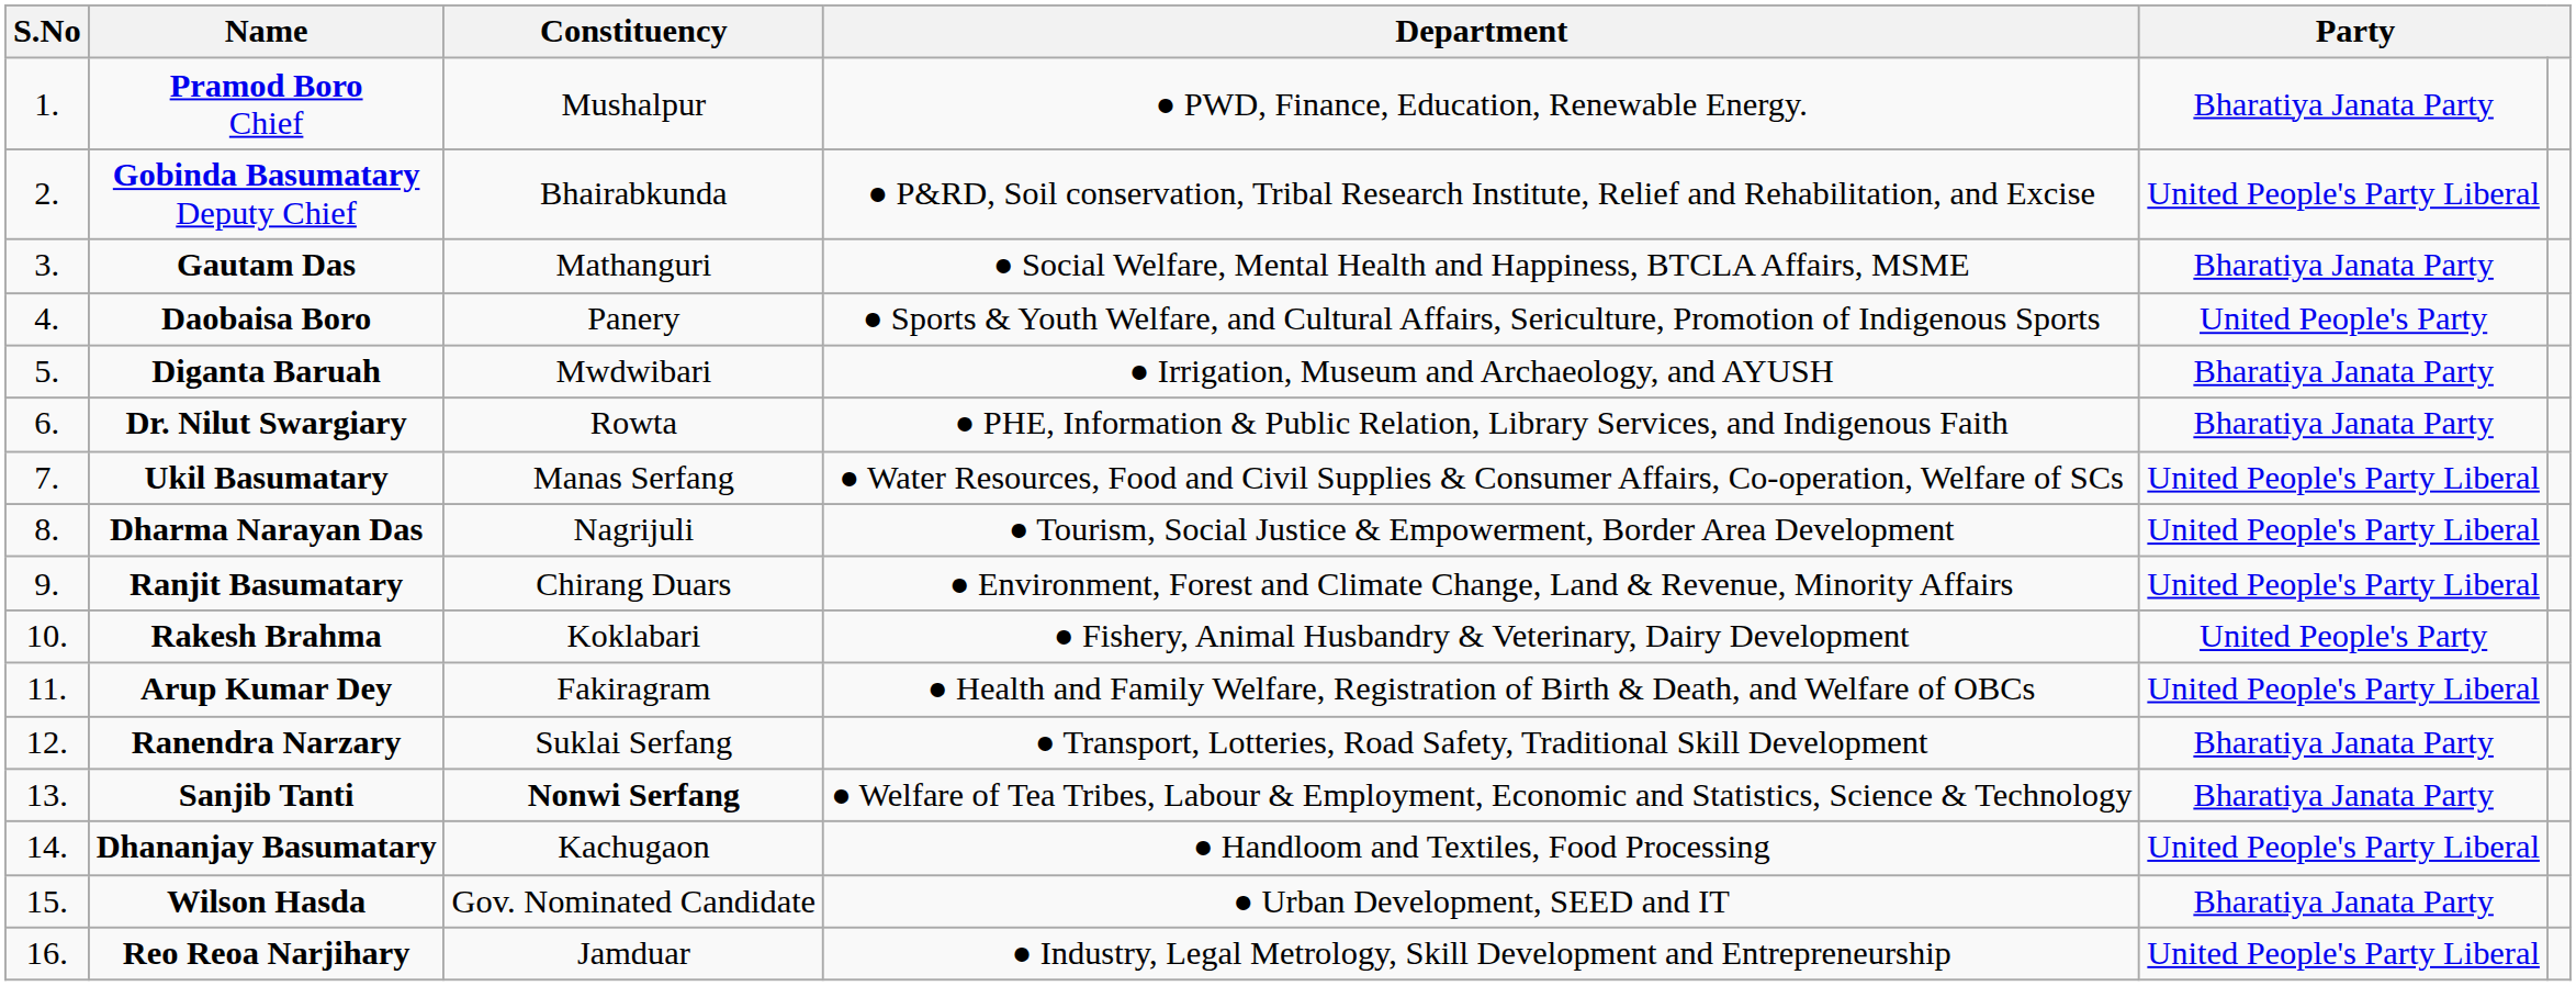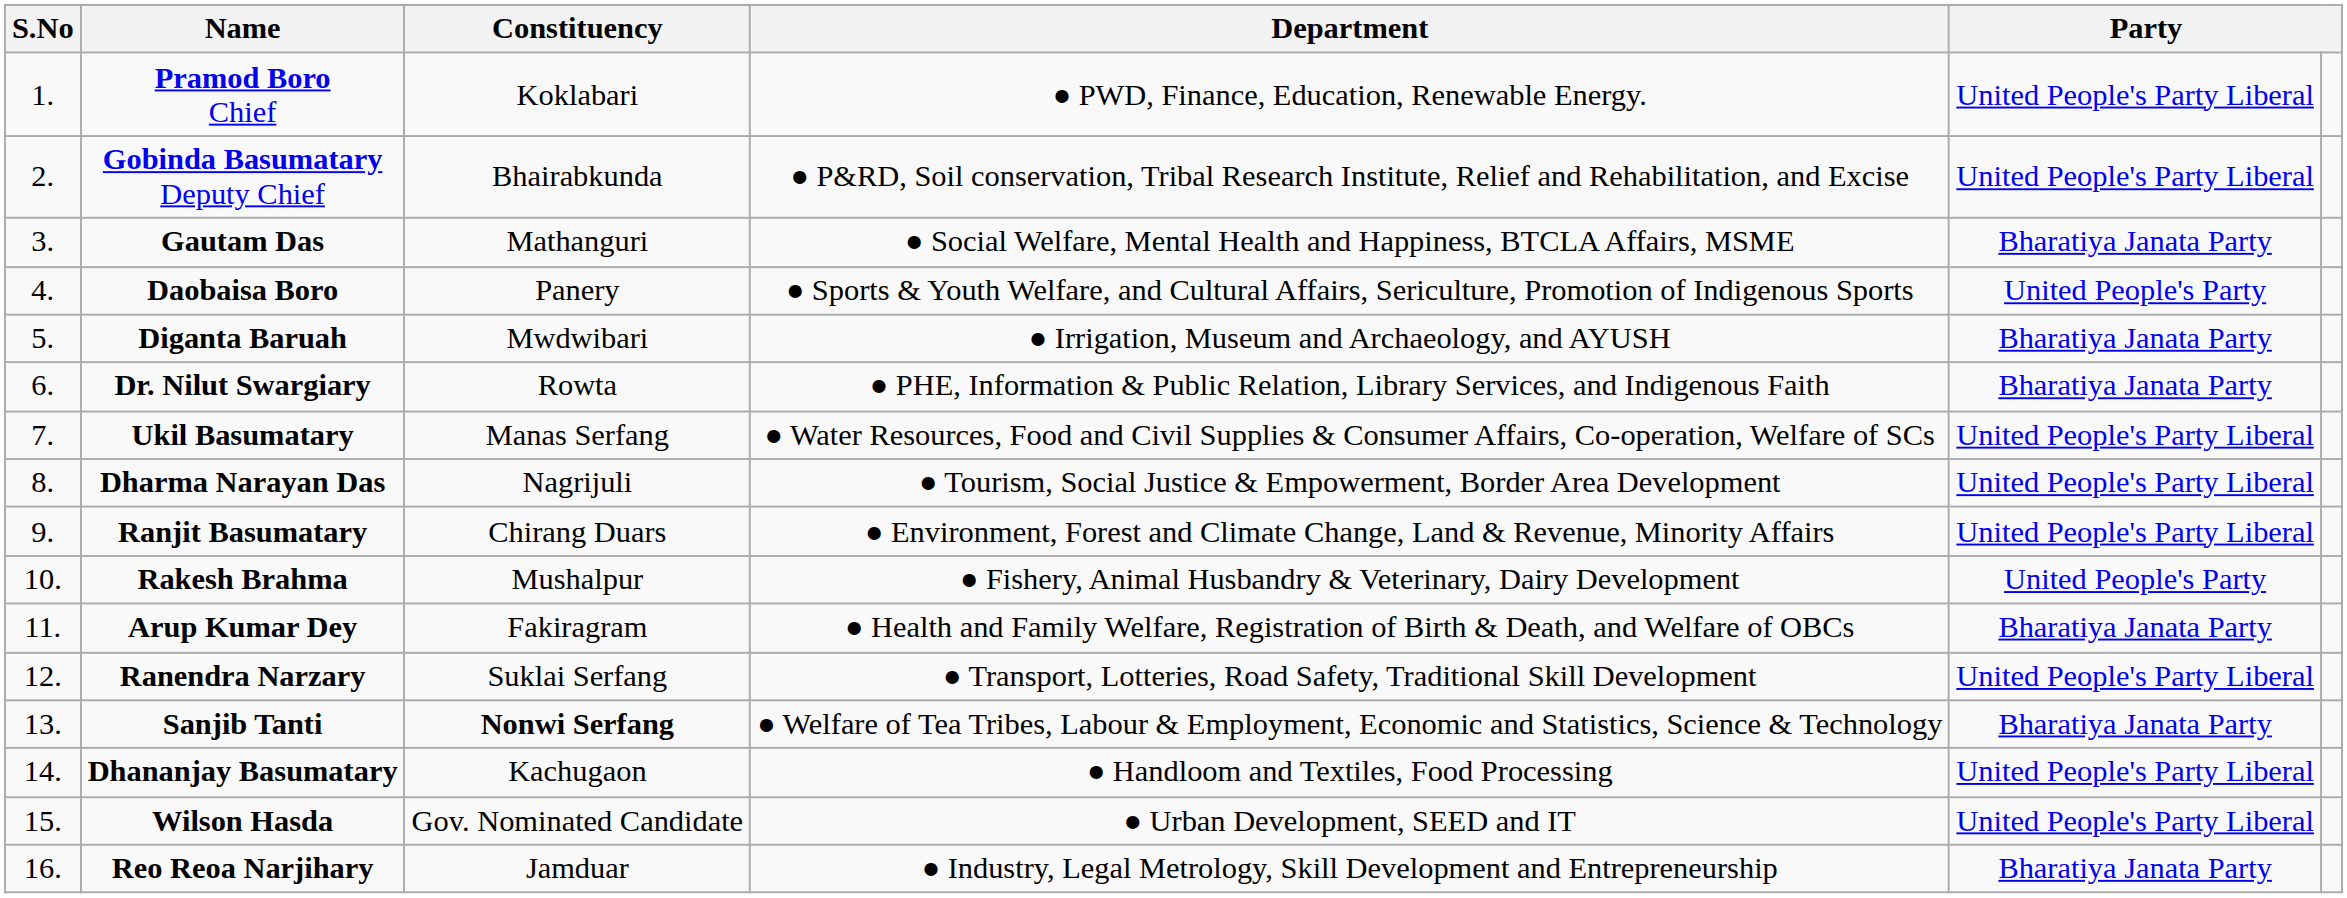 <table class="wikitable sortable" style="text-align:center;">
 <tr>
 <th>S.No</th>
 <th>Name</th>
 <th>Constituency</th>
 <th>Department</th>
 <th colspan="2" scope="col">Party</th>
 </tr>
 <tr>
 <td>1.</td>
 <td><strong><a href='#'>Pramod Boro</a></strong><br><a href='#'>Chief</a></td>
-<td>Mushalpur</td>
+<td>Koklabari</td>
 <td>● PWD, Finance, Education, Renewable Energy.</td>
-<td><a href='#'>Bharatiya Janata Party</a></td>
+<td><a href='#'>United People's Party Liberal</a></td>
 <td width="4px"></td>
 </tr>
 <tr>
 <td>2.</td>
 <td><strong><a href='#'>Gobinda Basumatary</a></strong><br><a href='#'>Deputy Chief</a></td>
 <td>Bhairabkunda</td>
 <td>● P&RD, Soil conservation, Tribal Research Institute, Relief and Rehabilitation, and Excise</td>
 <td><a href='#'>United People's Party Liberal</a></td>
 <td width="4px"></td>
 </tr>
 <tr>
 <td>3.</td>
 <td><strong>Gautam Das</strong></td>
 <td>Mathanguri</td>
 <td>● Social Welfare, Mental Health and Happiness, BTCLA Affairs, MSME</td>
 <td><a href='#'>Bharatiya Janata Party</a></td>
 <td width="4px"></td>
 </tr>
 <tr>
 <td>4.</td>
 <td><strong>Daobaisa Boro</strong></td>
 <td>Panery</td>
 <td>● Sports & Youth Welfare, and Cultural Affairs, Sericulture, Promotion of Indigenous Sports</td>
 <td><a href='#'>United People's Party</a></td>
 <td width="4px"></td>
 </tr>
 <tr>
 <td>5.</td>
 <td><strong>Diganta Baruah</strong></td>
 <td>Mwdwibari</td>
 <td>● Irrigation, Museum and Archaeology, and AYUSH</td>
 <td><a href='#'>Bharatiya Janata Party</a></td>
 <td width="4px"></td>
 </tr>
 <tr>
 <td>6.</td>
 <td><strong>Dr. Nilut Swargiary</strong></td>
 <td>Rowta</td>
 <td>● PHE, Information & Public Relation, Library Services, and Indigenous Faith</td>
 <td><a href='#'>Bharatiya Janata Party</a></td>
 <td width="4px"></td>
 </tr>
 <tr>
 <td>7.</td>
 <td><strong>Ukil Basumatary</strong></td>
 <td>Manas Serfang</td>
 <td>● Water Resources, Food and Civil Supplies & Consumer Affairs, Co-operation, Welfare of SCs</td>
 <td><a href='#'>United People's Party Liberal</a></td>
 <td width="4px"></td>
 </tr>
 <tr>
 <td>8.</td>
 <td><strong>Dharma Narayan Das</strong></td>
 <td>Nagrijuli</td>
 <td>● Tourism, Social Justice & Empowerment, Border Area Development</td>
 <td><a href='#'>United People's Party Liberal</a></td>
 <td width="4px"></td>
 </tr>
 <tr>
 <td>9.</td>
 <td><strong>Ranjit Basumatary</strong></td>
 <td>Chirang Duars</td>
 <td>● Environment, Forest and Climate Change, Land & Revenue, Minority Affairs</td>
 <td><a href='#'>United People's Party Liberal</a></td>
 <td width="4px"></td>
 </tr>
 <tr>
 <td>10.</td>
 <td><strong>Rakesh Brahma</strong></td>
-<td>Koklabari</td>
+<td>Mushalpur</td>
 <td>● Fishery, Animal Husbandry & Veterinary, Dairy Development</td>
 <td><a href='#'>United People's Party</a></td>
 <td width="4px"></td>
 </tr>
 <tr>
 <td>11.</td>
 <td><strong>Arup Kumar Dey</strong></td>
 <td>Fakiragram</td>
 <td>● Health and Family Welfare, Registration of Birth & Death, and Welfare of OBCs</td>
-<td><a href='#'>United People's Party Liberal</a></td>
+<td><a href='#'>Bharatiya Janata Party</a></td>
 <td width="4px"></td>
 </tr>
 <tr>
 <td>12.</td>
 <td><strong>Ranendra Narzary</strong></td>
 <td>Suklai Serfang</td>
 <td>● Transport, Lotteries, Road Safety, Traditional Skill Development</td>
-<td><a href='#'>Bharatiya Janata Party</a></td>
+<td><a href='#'>United People's Party Liberal</a></td>
 <td width="4px"></td>
 </tr>
 <tr>
 <td>13.</td>
 <td><strong>Sanjib Tanti</strong></td>
 <td><strong>Nonwi Serfang</strong></td>
 <td>● Welfare of Tea Tribes, Labour & Employment, Economic and Statistics, Science & Technology</td>
 <td><a href='#'>Bharatiya Janata Party</a></td>
 <td width="4px"></td>
 </tr>
 <tr>
 <td>14.</td>
 <td><strong>Dhananjay Basumatary</strong></td>
 <td>Kachugaon</td>
 <td>● Handloom and Textiles, Food Processing</td>
 <td><a href='#'>United People's Party Liberal</a></td>
 <td width="4px"></td>
 </tr>
 <tr>
 <td>15.</td>
 <td><strong>Wilson Hasda</strong></td>
 <td>Gov. Nominated Candidate</td>
 <td>● Urban Development, SEED and IT</td>
-<td><a href='#'>Bharatiya Janata Party</a></td>
+<td><a href='#'>United People's Party Liberal</a></td>
 <td width="4px"></td>
 </tr>
 <tr>
 <td>16.</td>
 <td><strong>Reo Reoa Narjihary</strong></td>
 <td>Jamduar</td>
 <td>● Industry, Legal Metrology, Skill Development and Entrepreneurship</td>
-<td><a href='#'>United People's Party Liberal</a></td>
+<td><a href='#'>Bharatiya Janata Party</a></td>
 <td width="4px"></td>
 </tr>
 </table>
